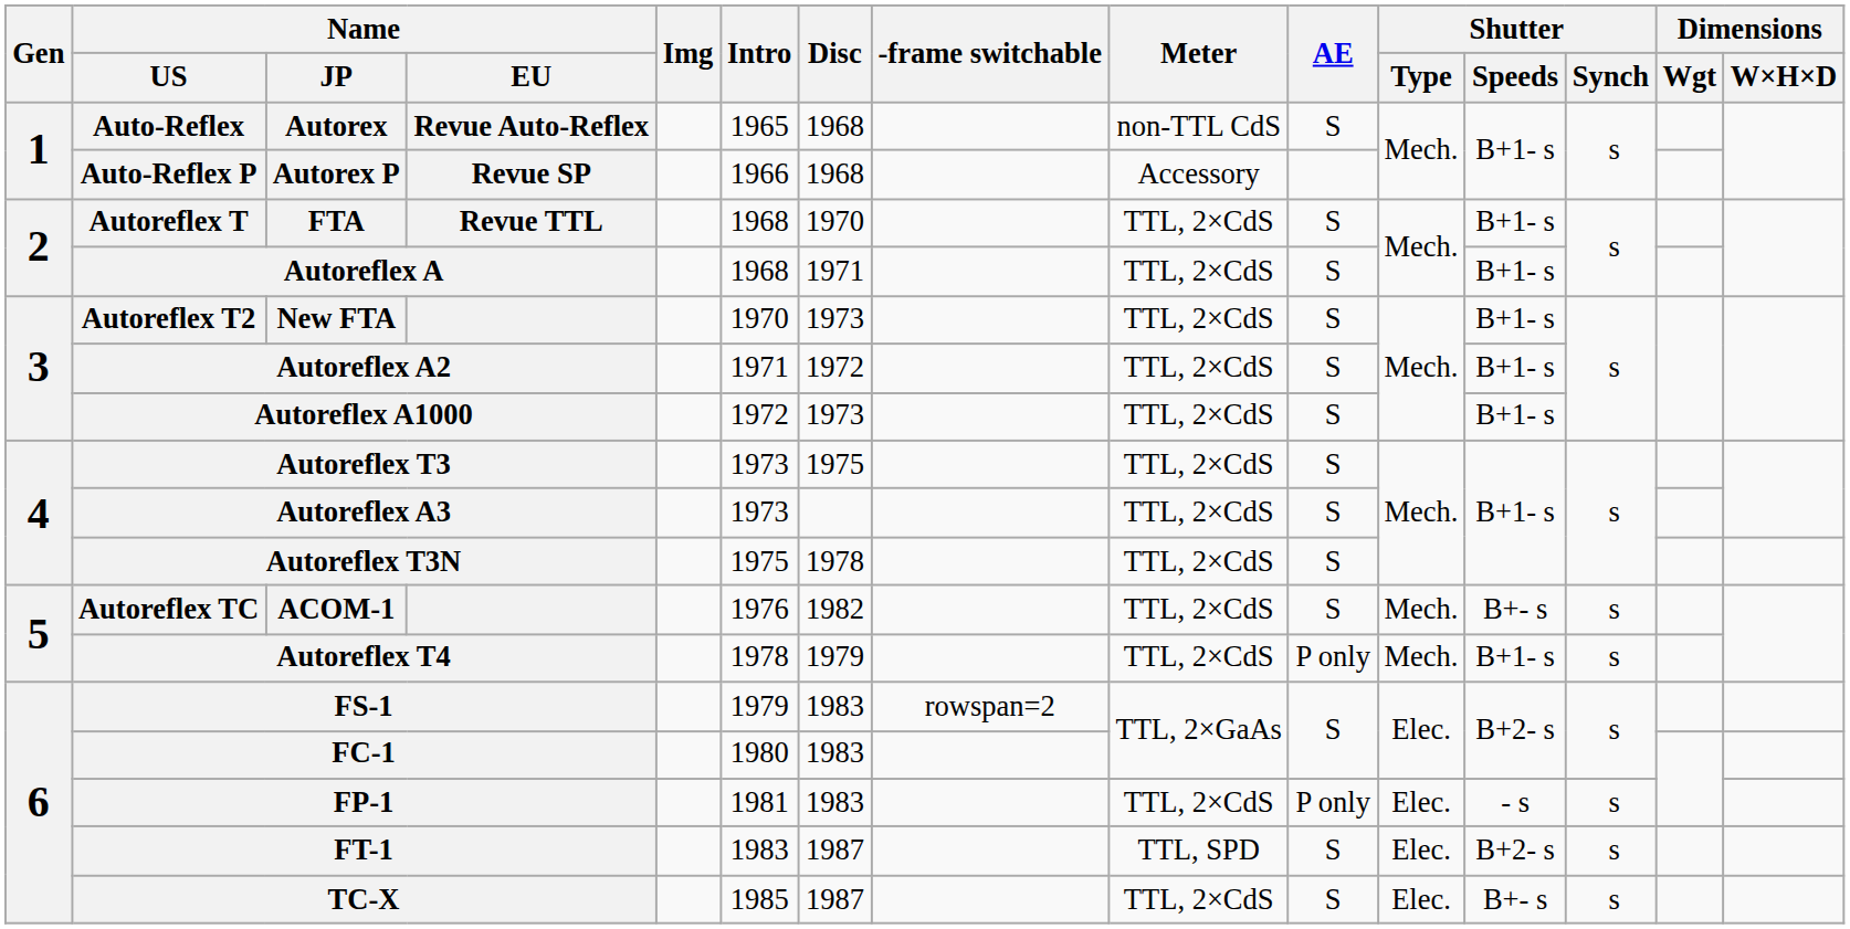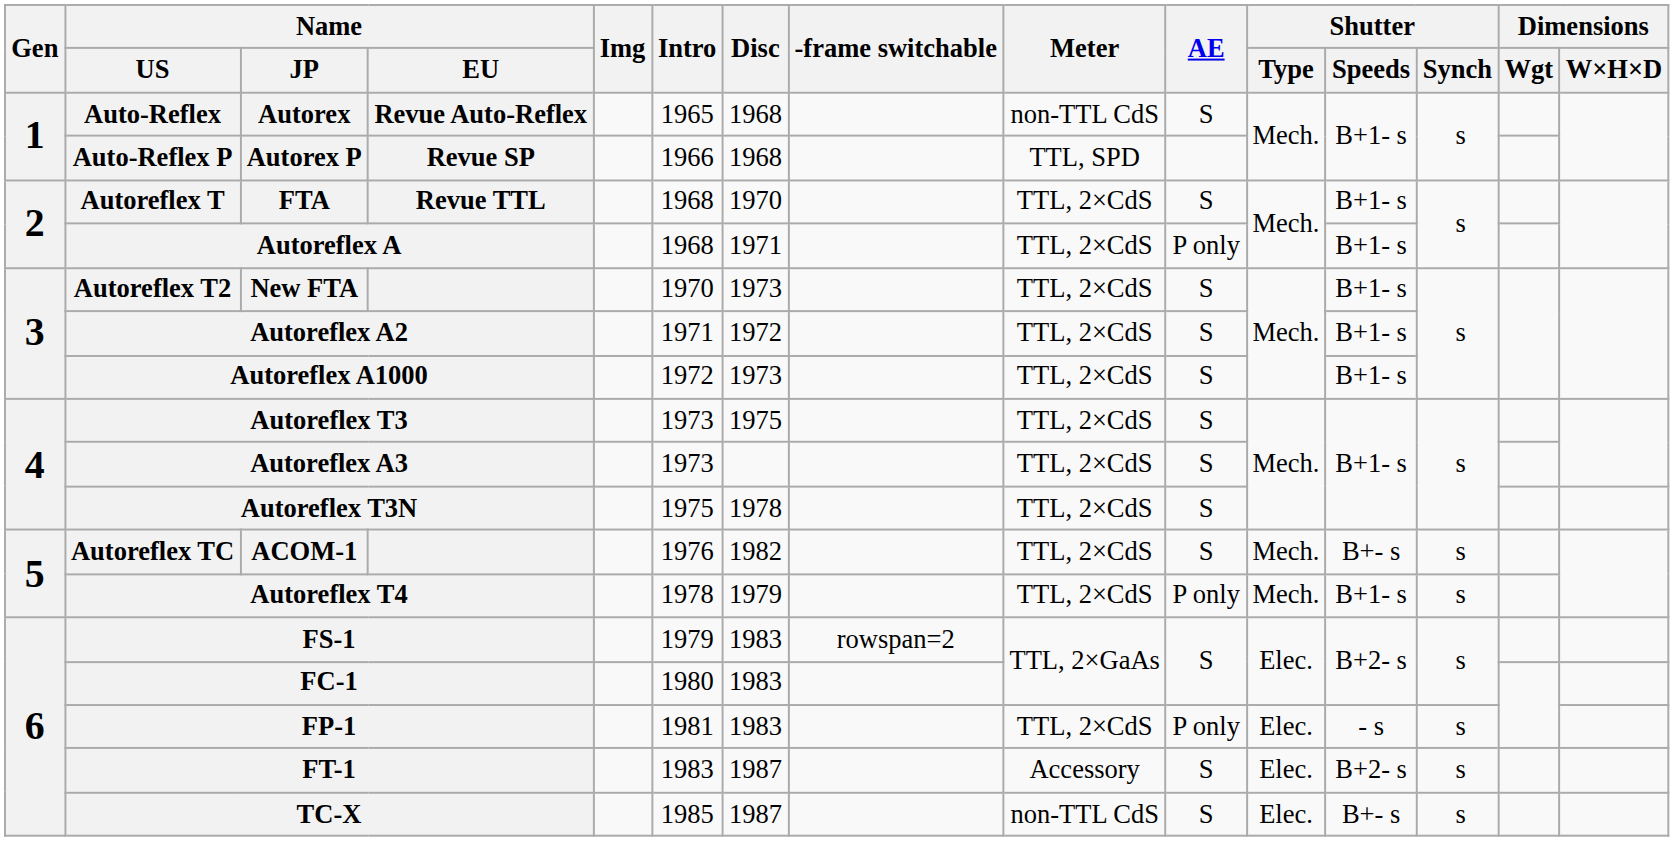 <table class="wikitable" style="font-size:85%;text-align:center;">
 <tr>
 <th rowspan=2>Gen</th>
 <th colspan=3>Name</th>
 <th rowspan=2>Img</th>
 <th rowspan=2>Intro</th>
 <th rowspan=2>Disc</th>
 <th rowspan=2>-frame switchable</th>
 <th rowspan=2>Meter</th>
 <th rowspan=2><a href='#'>AE</a></th>
 <th colspan=3>Shutter</th>
 <th colspan=2>Dimensions</th>
 </tr>
 <tr>
 <th>US</th>
 <th>JP</th>
 <th>EU</th>
 <th>Type</th>
 <th>Speeds</th>
 <th>Synch</th>
 <th>Wgt</th>
 <th>W×H×D</th>
 </tr>
 <tr>
 <th style="font-size:150%;" rowspan=2>1</th>
 <th>Auto-Reflex</th>
 <th>Autorex</th>
 <th>Revue Auto-Reflex</th>
 <td></td>
 <td>1965</td>
 <td>1968</td>
 <td></td>
 <td>non-TTL CdS</td>
 <td>S</td>
 <td rowspan=2>Mech.</td>
 <td rowspan=2>B+1- s</td>
 <td rowspan=2> s</td>
 <td></td>
 <td rowspan=2></td>
 </tr>
 <tr>
 <th>Auto-Reflex P</th>
 <th>Autorex P</th>
 <th>Revue SP</th>
 <td></td>
 <td>1966</td>
 <td>1968</td>
 <td></td>
-<td>Accessory</td>
+<td>TTL, SPD</td>
 <td></td>
 <td></td>
 </tr>
 <tr>
 <th style="font-size:150%;" rowspan=2>2</th>
 <th>Autoreflex T</th>
 <th>FTA</th>
 <th>Revue TTL</th>
 <td></td>
 <td>1968</td>
 <td>1970</td>
 <td></td>
 <td>TTL, 2×CdS</td>
 <td>S</td>
 <td rowspan=2>Mech.</td>
 <td>B+1- s</td>
 <td rowspan=2> s</td>
 <td></td>
 <td rowspan=2></td>
 </tr>
 <tr>
 <th colspan=3>Autoreflex A</th>
 <td></td>
 <td>1968</td>
 <td>1971</td>
 <td></td>
 <td>TTL, 2×CdS</td>
-<td>S</td>
+<td>P only</td>
 <td>B+1- s</td>
 <td></td>
 </tr>
 <tr>
 <th style="font-size:150%;" rowspan=3>3</th>
 <th>Autoreflex T2</th>
 <th>New FTA</th>
 <th></th>
 <td></td>
 <td>1970</td>
 <td>1973</td>
 <td></td>
 <td>TTL, 2×CdS</td>
 <td>S</td>
 <td rowspan=3>Mech.</td>
 <td>B+1- s</td>
 <td rowspan=3> s</td>
 <td rowspan=3></td>
 <td rowspan=3></td>
 </tr>
 <tr>
 <th colspan=3>Autoreflex A2</th>
 <td></td>
 <td>1971</td>
 <td>1972</td>
 <td></td>
 <td>TTL, 2×CdS</td>
 <td>S</td>
 <td>B+1- s</td>
 </tr>
 <tr>
 <th colspan=3>Autoreflex A1000</th>
 <td></td>
 <td>1972</td>
 <td>1973</td>
 <td></td>
 <td>TTL, 2×CdS</td>
 <td>S</td>
 <td>B+1- s</td>
 </tr>
 <tr>
 <th style="font-size:150%;" rowspan=3>4</th>
 <th colspan=3>Autoreflex T3</th>
 <td></td>
 <td>1973</td>
 <td>1975</td>
 <td></td>
 <td>TTL, 2×CdS</td>
 <td>S</td>
 <td rowspan=3>Mech.</td>
 <td rowspan=3>B+1- s</td>
 <td rowspan=3> s</td>
 <td></td>
 <td rowspan=2></td>
 </tr>
 <tr>
 <th colspan=3>Autoreflex A3</th>
 <td></td>
 <td>1973</td>
 <td></td>
 <td></td>
 <td>TTL, 2×CdS</td>
 <td>S</td>
 <td></td>
 </tr>
 <tr>
 <th colspan=3>Autoreflex T3N</th>
 <td></td>
 <td>1975</td>
 <td>1978</td>
 <td></td>
 <td>TTL, 2×CdS</td>
 <td>S</td>
 <td></td>
 <td></td>
 </tr>
 <tr>
 <th style="font-size:150%;" rowspan=2>5</th>
 <th>Autoreflex TC</th>
 <th>ACOM-1</th>
 <th></th>
 <td></td>
 <td>1976</td>
 <td>1982</td>
 <td></td>
 <td>TTL, 2×CdS</td>
 <td>S</td>
 <td>Mech.</td>
 <td>B+- s</td>
 <td> s</td>
 <td></td>
 <td rowspan=2></td>
 </tr>
 <tr>
 <th colspan=3>Autoreflex T4</th>
 <td></td>
 <td>1978</td>
 <td>1979</td>
 <td></td>
 <td>TTL, 2×CdS</td>
 <td>P only</td>
 <td>Mech.</td>
 <td>B+1- s</td>
 <td> s</td>
 <td></td>
 </tr>
 <tr>
 <th style="font-size:150%;" rowspan=5>6</th>
 <th colspan=3>FS-1</th>
 <td></td>
 <td>1979</td>
 <td>1983</td>
 <td>rowspan=2 </td>
 <td rowspan=2>TTL, 2×GaAs</td>
 <td rowspan=2>S</td>
 <td rowspan=2>Elec.</td>
 <td rowspan=2>B+2- s</td>
 <td rowspan=2> s</td>
 <td></td>
 <td></td>
 </tr>
 <tr>
 <th colspan=3>FC-1</th>
 <td></td>
 <td>1980</td>
 <td>1983</td>
 <td></td>
 <td rowspan=2></td>
 </tr>
 <tr>
 <th colspan=3>FP-1</th>
 <td></td>
 <td>1981</td>
 <td>1983</td>
 <td></td>
 <td>TTL, 2×CdS</td>
 <td>P only</td>
 <td>Elec.</td>
 <td>- s</td>
 <td> s</td>
 <td></td>
 </tr>
 <tr>
 <th colspan=3>FT-1</th>
 <td></td>
 <td>1983</td>
 <td>1987</td>
 <td></td>
-<td>TTL, SPD</td>
+<td>Accessory</td>
 <td>S</td>
 <td>Elec.</td>
 <td>B+2- s</td>
 <td> s</td>
 <td></td>
 <td></td>
 </tr>
 <tr>
 <th colspan=3>TC-X</th>
 <td></td>
 <td>1985</td>
 <td>1987</td>
 <td></td>
-<td>TTL, 2×CdS</td>
+<td>non-TTL CdS</td>
 <td>S</td>
 <td>Elec.</td>
 <td>B+- s</td>
 <td> s</td>
 <td></td>
 <td></td>
 </tr>
 </table>
